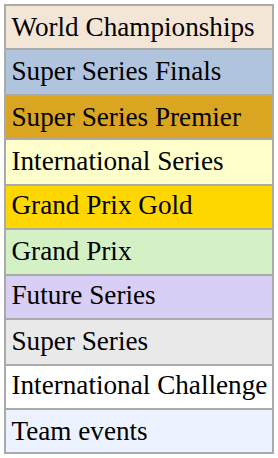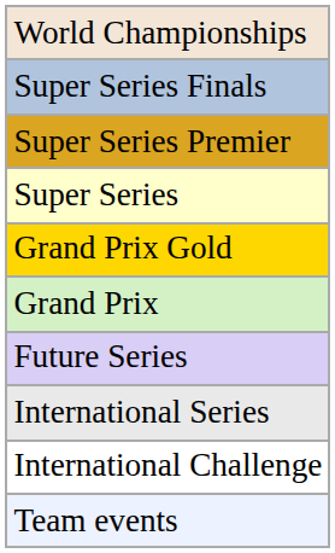 <table class=wikitable style="font-size:85%">
 <tr style="background:#F3E6D7;">
 <td>World Championships</td>
 </tr>
 <tr style="background:#B0C4DE;">
 <td>Super Series Finals</td>
 </tr>
 <tr style="background:#DAA520;">
 <td>Super Series Premier</td>
 </tr>
 <tr style="background:#ffffcc;">
-<td>International Series</td>
+<td>Super Series</td>
 </tr>
 <tr style="background:#FFD700;">
 <td>Grand Prix Gold</td>
 </tr>
 <tr style="background:#D4F1C5;">
 <td>Grand Prix</td>
 </tr>
 <tr style="background:#d8cef6;">
 <td>Future Series</td>
 </tr>
 <tr style="background:#E9E9E9;">
-<td>Super Series</td>
+<td>International Series</td>
 </tr>
 <tr style="background:#ffffff;">
 <td>International Challenge</td>
 </tr>
 <tr style="background:#ECF2FF;">
 <td>Team events</td>
 </tr>
 </table>
